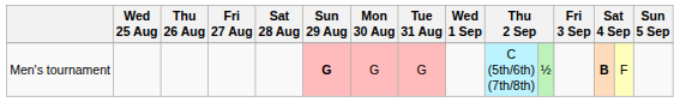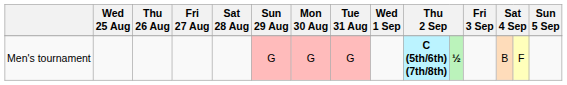 <table class="wikitable" style="margin:0.5em auto; font-size:90%; line-height:1.25em;">
 <tr align="center">
 <th></th>
 <th>Wed<br>25 Aug</th>
 <th>Thu<br>26 Aug</th>
 <th>Fri<br>27 Aug</th>
 <th>Sat<br>28 Aug</th>
 <th>Sun<br>29 Aug</th>
 <th>Mon<br>30 Aug</th>
 <th>Tue<br>31 Aug</th>
 <th>Wed<br>1 Sep</th>
 <th colspan=2>Thu<br>2 Sep</th>
 <th>Fri<br>3 Sep</th>
 <th colspan=2>Sat<br>4 Sep</th>
 <th>Sun<br>5 Sep</th>
 </tr>
 <tr>
 </tr>
 <tr align="center">
 <td align="left">Men's tournament</td>
 <td></td>
 <td></td>
 <td></td>
 <td></td>
-<td bgcolor="#FFBBBB"><strong>G</strong></td>
+<td bgcolor="#FFBBBB">G</td>
 <td bgcolor="#FFBBBB">G</td>
 <td bgcolor="#FFBBBB">G</td>
 <td></td>
-<td bgcolor="#BBF3FF">C<br>(5th/6th)<br>(7th/8th)</td>
-<td bgcolor="#BBF3BB">½</td>
+<td bgcolor="#BBF3FF"><strong>C<br>(5th/6th)<br>(7th/8th)</strong></td>
+<td bgcolor="#BBF3BB"><strong>½</strong></td>
 <td></td>
-<td bgcolor="#FEDCBA"><strong>B</strong></td>
+<td bgcolor="#FEDCBA">B</td>
 <td bgcolor="#FFFFBB">F</td>
 <td></td>
 </tr>
 </table>
